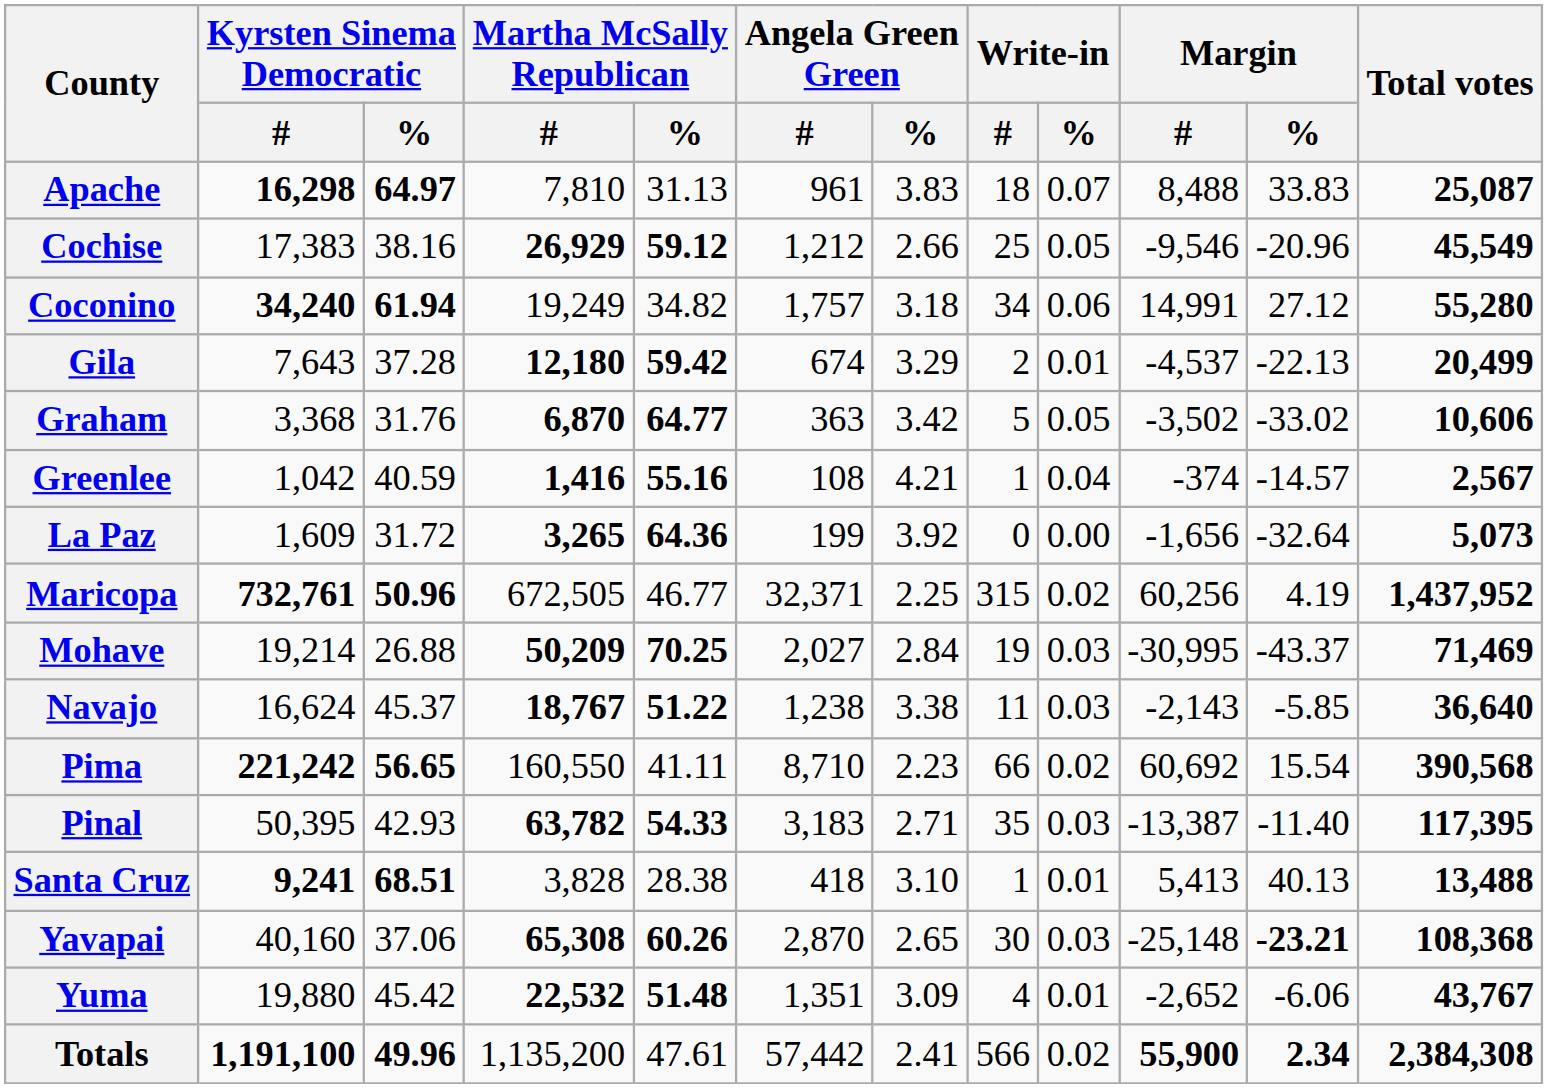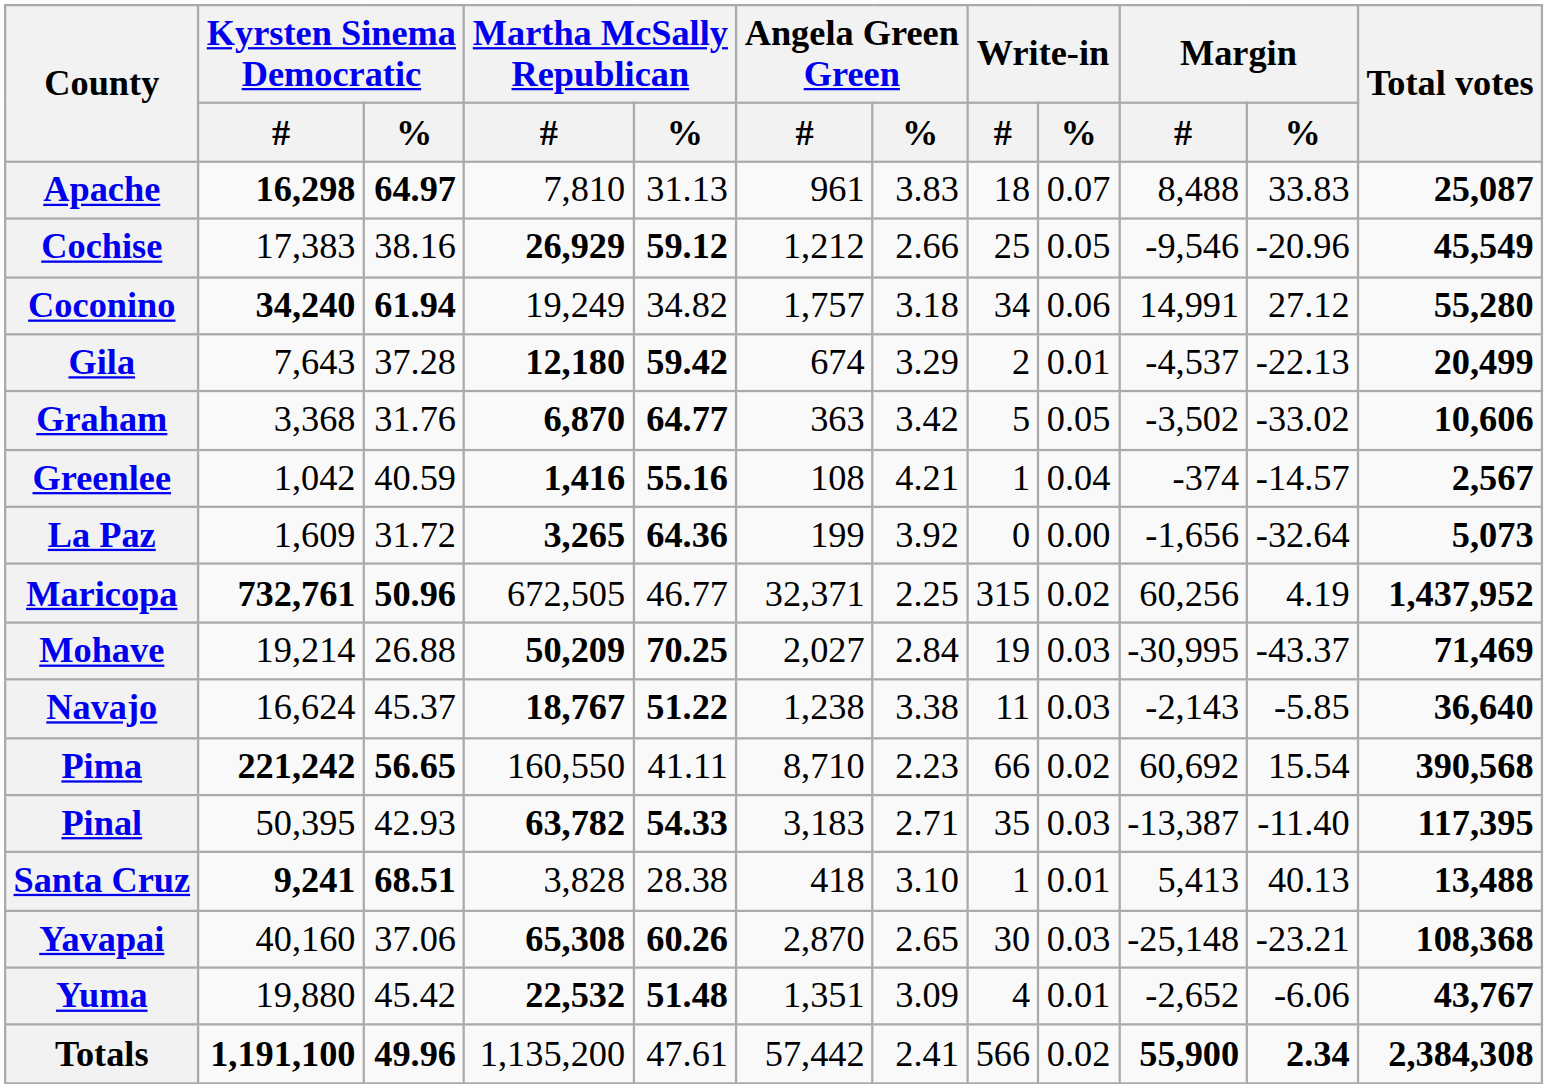 <table class="wikitable sortable" style="text-align:right">
 <tr>
 <th rowspan=2>County</th>
 <th colspan=2><a href='#'>Kyrsten Sinema</a><br><a href='#'>Democratic</a></th>
 <th colspan=2><a href='#'>Martha McSally</a><br><a href='#'>Republican</a></th>
 <th colspan=2>Angela Green<br><a href='#'>Green</a></th>
 <th colspan=2>Write-in</th>
 <th colspan=2>Margin</th>
 <th rowspan=2>Total votes</th>
 </tr>
 <tr>
 <th data-sort-type="number" style="text-align:center;">#</th>
 <th data-sort-type="number" style="text-align:center;">%</th>
 <th data-sort-type="number" style="text-align:center;">#</th>
 <th data-sort-type="number" style="text-align:center;">%</th>
 <th data-sort-type="number" style="text-align:center;">#</th>
 <th data-sort-type="number" style="text-align:center;">%</th>
 <th data-sort-type="number" style="text-align:center;">#</th>
 <th data-sort-type="number" style="text-align:center;">%</th>
 <th data-sort-type="number" style="text-align:center;">#</th>
 <th data-sort-type="number" style="text-align:center;">%</th>
 </tr>
 <tr>
 <th><a href='#'>Apache</a></th>
 <td><strong>16,298</strong></td>
 <td><strong>64.97</strong></td>
 <td>7,810</td>
 <td>31.13</td>
 <td>961</td>
 <td>3.83</td>
 <td>18</td>
 <td>0.07</td>
 <td>8,488</td>
 <td>33.83</td>
 <td><strong>25,087</strong></td>
 </tr>
 <tr>
 <th><a href='#'>Cochise</a></th>
 <td>17,383</td>
 <td>38.16</td>
 <td><strong>26,929</strong></td>
 <td><strong>59.12</strong></td>
 <td>1,212</td>
 <td>2.66</td>
 <td>25</td>
 <td>0.05</td>
 <td>-9,546</td>
 <td>-20.96</td>
 <td><strong>45,549</strong></td>
 </tr>
 <tr>
 <th><a href='#'>Coconino</a></th>
 <td><strong>34,240</strong></td>
 <td><strong>61.94</strong></td>
 <td>19,249</td>
 <td>34.82</td>
 <td>1,757</td>
 <td>3.18</td>
 <td>34</td>
 <td>0.06</td>
 <td>14,991</td>
 <td>27.12</td>
 <td><strong>55,280</strong></td>
 </tr>
 <tr>
 <th><a href='#'>Gila</a></th>
 <td>7,643</td>
 <td>37.28</td>
 <td><strong>12,180</strong></td>
 <td><strong>59.42</strong></td>
 <td>674</td>
 <td>3.29</td>
 <td>2</td>
 <td>0.01</td>
 <td>-4,537</td>
 <td>-22.13</td>
 <td><strong>20,499</strong></td>
 </tr>
 <tr>
 <th><a href='#'>Graham</a></th>
 <td>3,368</td>
 <td>31.76</td>
 <td><strong>6,870</strong></td>
 <td><strong>64.77</strong></td>
 <td>363</td>
 <td>3.42</td>
 <td>5</td>
 <td>0.05</td>
 <td>-3,502</td>
 <td>-33.02</td>
 <td><strong>10,606</strong></td>
 </tr>
 <tr>
 <th><a href='#'>Greenlee</a></th>
 <td>1,042</td>
 <td>40.59</td>
 <td><strong>1,416</strong></td>
 <td><strong>55.16</strong></td>
 <td>108</td>
 <td>4.21</td>
 <td>1</td>
 <td>0.04</td>
 <td>-374</td>
 <td>-14.57</td>
 <td><strong>2,567</strong></td>
 </tr>
 <tr>
 <th><a href='#'>La Paz</a></th>
 <td>1,609</td>
 <td>31.72</td>
 <td><strong>3,265</strong></td>
 <td><strong>64.36</strong></td>
 <td>199</td>
 <td>3.92</td>
 <td>0</td>
 <td>0.00</td>
 <td>-1,656</td>
 <td>-32.64</td>
 <td><strong>5,073</strong></td>
 </tr>
 <tr>
 <th><a href='#'>Maricopa</a></th>
 <td><strong>732,761</strong></td>
 <td><strong>50.96</strong></td>
 <td>672,505</td>
 <td>46.77</td>
 <td>32,371</td>
 <td>2.25</td>
 <td>315</td>
 <td>0.02</td>
 <td>60,256</td>
 <td>4.19</td>
 <td><strong>1,437,952</strong></td>
 </tr>
 <tr>
 <th><a href='#'>Mohave</a></th>
 <td>19,214</td>
 <td>26.88</td>
 <td><strong>50,209</strong></td>
 <td><strong>70.25</strong></td>
 <td>2,027</td>
 <td>2.84</td>
 <td>19</td>
 <td>0.03</td>
 <td>-30,995</td>
 <td>-43.37</td>
 <td><strong>71,469</strong></td>
 </tr>
 <tr>
 <th><a href='#'>Navajo</a></th>
 <td>16,624</td>
 <td>45.37</td>
 <td><strong>18,767</strong></td>
 <td><strong>51.22</strong></td>
 <td>1,238</td>
 <td>3.38</td>
 <td>11</td>
 <td>0.03</td>
 <td>-2,143</td>
 <td>-5.85</td>
 <td><strong>36,640</strong></td>
 </tr>
 <tr>
 <th><a href='#'>Pima</a></th>
 <td><strong>221,242</strong></td>
 <td><strong>56.65</strong></td>
 <td>160,550</td>
 <td>41.11</td>
 <td>8,710</td>
 <td>2.23</td>
 <td>66</td>
 <td>0.02</td>
 <td>60,692</td>
 <td>15.54</td>
 <td><strong>390,568</strong></td>
 </tr>
 <tr>
 <th><a href='#'>Pinal</a></th>
 <td>50,395</td>
 <td>42.93</td>
 <td><strong>63,782</strong></td>
 <td><strong>54.33</strong></td>
 <td>3,183</td>
 <td>2.71</td>
 <td>35</td>
 <td>0.03</td>
 <td>-13,387</td>
 <td>-11.40</td>
 <td><strong>117,395</strong></td>
 </tr>
 <tr>
 <th><a href='#'>Santa Cruz</a></th>
 <td><strong>9,241</strong></td>
 <td><strong>68.51</strong></td>
 <td>3,828</td>
 <td>28.38</td>
 <td>418</td>
 <td>3.10</td>
 <td>1</td>
 <td>0.01</td>
 <td>5,413</td>
 <td>40.13</td>
 <td><strong>13,488</strong></td>
 </tr>
 <tr>
 <th><a href='#'>Yavapai</a></th>
 <td>40,160</td>
 <td>37.06</td>
 <td><strong>65,308</strong></td>
 <td><strong>60.26</strong></td>
 <td>2,870</td>
 <td>2.65</td>
 <td>30</td>
 <td>0.03</td>
 <td>-25,148</td>
-<td><strong>-23.21</strong></td>
+<td>-23.21</td>
 <td><strong>108,368</strong></td>
 </tr>
 <tr>
 <th><a href='#'>Yuma</a></th>
 <td>19,880</td>
 <td>45.42</td>
 <td><strong>22,532</strong></td>
 <td><strong>51.48</strong></td>
 <td>1,351</td>
 <td>3.09</td>
 <td>4</td>
 <td>0.01</td>
 <td>-2,652</td>
 <td>-6.06</td>
 <td><strong>43,767</strong></td>
 </tr>
 <tr>
 <th data-sort-value="ZZZ">Totals</th>
 <td><strong>1,191,100</strong></td>
 <td><strong>49.96</strong></td>
 <td>1,135,200</td>
 <td>47.61</td>
 <td>57,442</td>
 <td>2.41</td>
 <td>566</td>
 <td>0.02</td>
 <td><strong>55,900</strong></td>
 <td><strong>2.34</strong></td>
 <td><strong>2,384,308</strong></td>
 </tr>
 </table>
